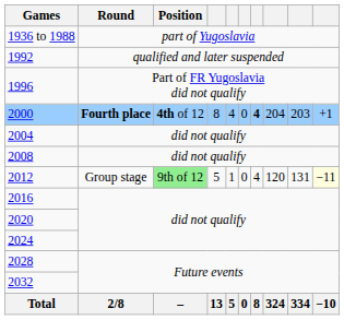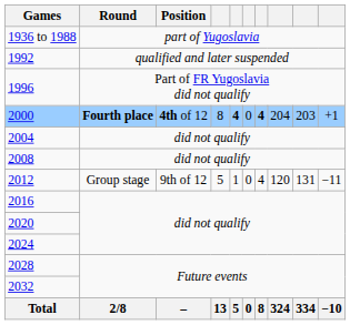 <table class="wikitable" style="text-align:center; font-size:90%;">
 <tr>
 <th>Games</th>
 <th>Round</th>
 <th>Position</th>
 <th></th>
 <th></th>
 <th></th>
 <th></th>
 <th></th>
 <th></th>
 <th></th>
 </tr>
 <tr>
 <td style="text-align: left;"><a href='#'>1936</a> to <a href='#'>1988</a></td>
 <td colspan=9><em>part of <a href='#'>Yugoslavia</a></em></td>
 </tr>
 <tr>
 <td style="text-align: left;"> <a href='#'>1992</a></td>
 <td colspan="9"><em>qualified and later suspended</em></td>
 </tr>
 <tr>
 <td style="text-align: left;"> <a href='#'>1996</a></td>
 <td colspan="9">Part of <a href='#'>FR Yugoslavia</a> <br> <em>did not qualify</em></td>
 </tr>
 <tr style="background:#9acdff;">
 <td align=left> <a href='#'>2000</a></td>
 <td><strong>Fourth place</strong></td>
 <td><strong>4th</strong> of 12</td>
 <td>8</td>
-<td>4</td>
+<td><strong>4</strong></td>
 <td>0</td>
 <td><strong>4</strong></td>
 <td>204</td>
 <td>203</td>
 <td>+1</td>
 </tr>
 <tr>
 <td align=left> <a href='#'>2004</a></td>
 <td colspan="9"><em>did not qualify</em></td>
 </tr>
 <tr>
 <td align=left> <a href='#'>2008</a></td>
 <td colspan=9><em>did not qualify</em> <br></td>
 </tr>
 <tr>
 <td align=left> <a href='#'>2012</a></td>
 <td>Group stage</td>
-<td style="background: lightgreen;">9th of 12</td>
+<td>9th of 12</td>
 <td>5</td>
 <td>1</td>
 <td>0</td>
 <td>4</td>
 <td>120</td>
 <td>131</td>
-<td style="background: lightyellow;">−11</td>
+<td>−11</td>
 </tr>
 <tr>
 <td align=left> <a href='#'>2016</a></td>
 <td colspan=9 rowspan=3><em>did not qualify</em></td>
 </tr>
 <tr>
 <td align=left> <a href='#'>2020</a></td>
 </tr>
 <tr>
 <td align=left> <a href='#'>2024</a></td>
 </tr>
 <tr>
 <td align=left> <a href='#'>2028</a></td>
 <td colspan=9 rowspan=2><em>Future events</em></td>
 </tr>
 <tr>
 <td align=left> <a href='#'>2032</a></td>
 </tr>
 <tr>
 <th>Total</th>
 <th>2/8</th>
 <th>–</th>
 <th>13</th>
 <th>5</th>
 <th>0</th>
 <th>8</th>
 <th>324</th>
 <th>334</th>
 <th>−10</th>
 </tr>
 </table>
